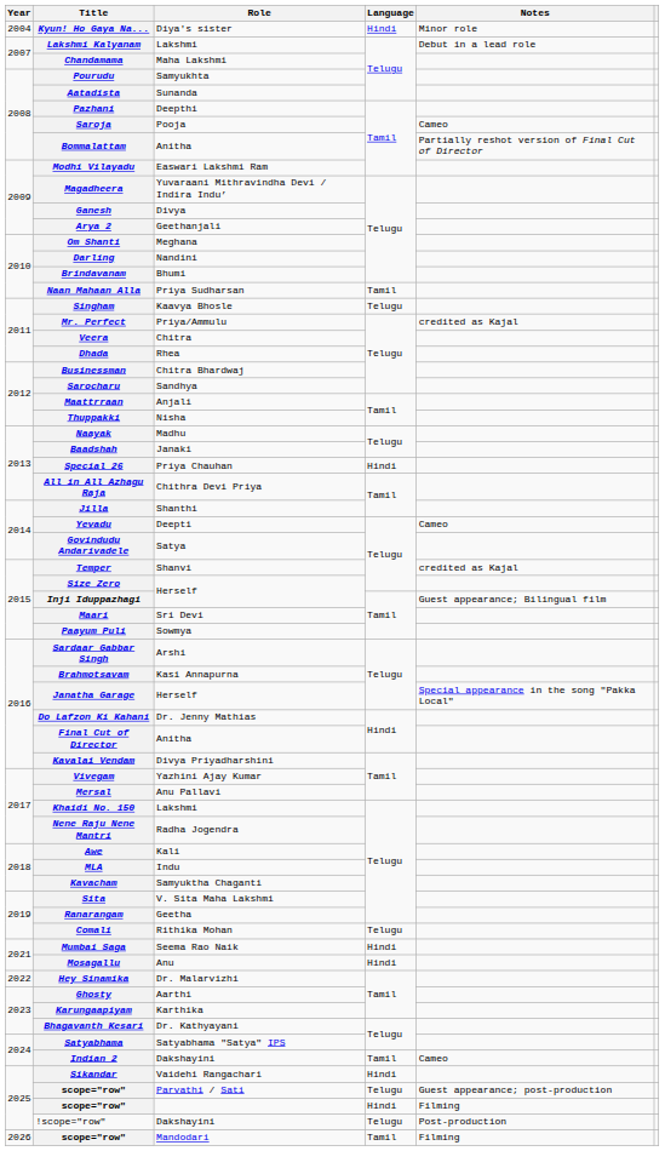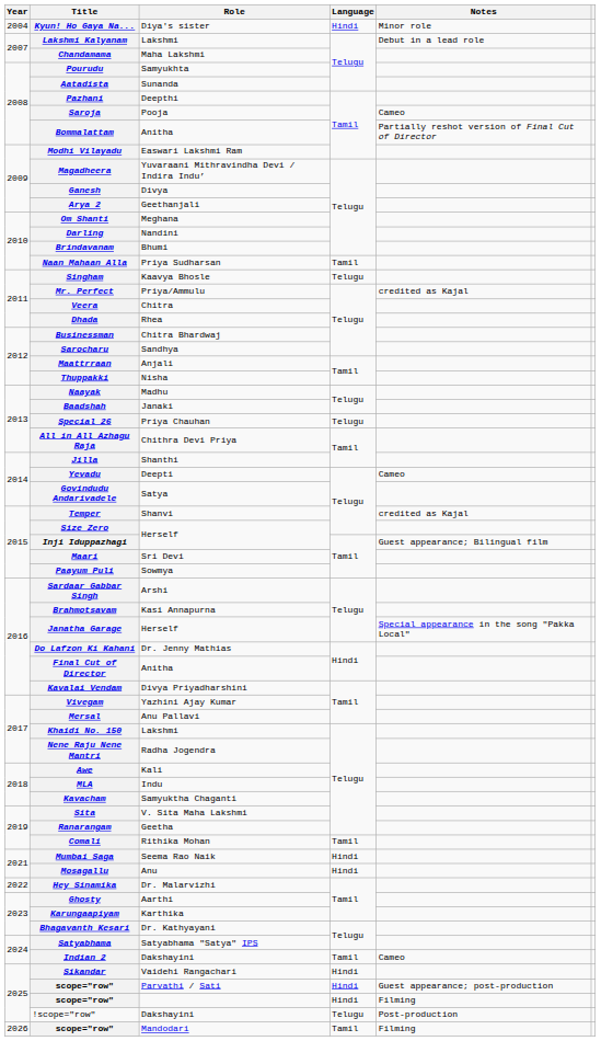 <table class="wikitable plainrowheaders sortable">
 <tr>
 <th>Year</th>
 <th>Title</th>
 <th>Role</th>
 <th>Language</th>
 <th class="unsortable">Notes</th>
 <th class="unsortable"></th>
 </tr>
 <tr>
 <td>2004</td>
 <th scope="row"><em><a href='#'>Kyun! Ho Gaya Na...</a></em></th>
 <td>Diya's sister</td>
 <td><a href='#'>Hindi</a></td>
 <td>Minor role</td>
 <td></td>
 </tr>
 <tr>
 <td rowspan="2">2007</td>
 <th scope="row"><em><a href='#'>Lakshmi Kalyanam</a></em></th>
 <td>Lakshmi</td>
 <td rowspan="4"><a href='#'>Telugu</a></td>
 <td>Debut in a lead role</td>
 <td></td>
 </tr>
 <tr>
 <th scope="row"><em><a href='#'>Chandamama</a></em></th>
 <td>Maha Lakshmi</td>
 <td></td>
 <td></td>
 </tr>
 <tr>
 <td rowspan="5">2008</td>
 <th scope="row"><em><a href='#'>Pourudu</a></em></th>
 <td>Samyukhta</td>
 <td></td>
 <td></td>
 </tr>
 <tr>
 <th scope="row"><em><a href='#'>Aatadista</a></em></th>
 <td>Sunanda</td>
 <td></td>
 <td></td>
 </tr>
 <tr>
 <th scope="row"><em><a href='#'>Pazhani</a></em></th>
 <td>Deepthi</td>
 <td rowspan="4"><a href='#'>Tamil</a></td>
 <td></td>
 <td></td>
 </tr>
 <tr>
 <th scope="row"><em><a href='#'>Saroja</a></em></th>
 <td>Pooja</td>
 <td>Cameo</td>
 <td></td>
 </tr>
 <tr>
 <th scope="row"><em><a href='#'>Bommalattam</a></em></th>
 <td>Anitha</td>
 <td>Partially reshot version of <em>Final Cut of Director</em></td>
 <td></td>
 </tr>
 <tr>
 <td rowspan="4">2009</td>
 <th scope="row"><em><a href='#'>Modhi Vilayadu</a></em></th>
 <td>Easwari Lakshmi Ram</td>
 <td></td>
 <td></td>
 </tr>
 <tr>
 <th scope="row"><em><a href='#'>Magadheera</a></em></th>
 <td>Yuvaraani Mithravindha Devi / Indira Indu’ </td>
 <td rowspan="6">Telugu</td>
 <td></td>
 <td><br></td>
 </tr>
 <tr>
 <th scope="row"><em><a href='#'>Ganesh</a></em></th>
 <td>Divya</td>
 <td></td>
 <td></td>
 </tr>
 <tr>
 <th scope="row"><em><a href='#'>Arya 2</a></em></th>
 <td>Geethanjali</td>
 <td></td>
 <td></td>
 </tr>
 <tr>
 <td rowspan="4">2010</td>
 <th scope="row"><em><a href='#'>Om Shanti</a></em></th>
 <td>Meghana</td>
 <td></td>
 <td></td>
 </tr>
 <tr>
 <th scope="row"><em><a href='#'>Darling</a></em></th>
 <td>Nandini</td>
 <td></td>
 <td></td>
 </tr>
 <tr>
 <th scope="row"><em><a href='#'>Brindavanam</a></em></th>
 <td>Bhumi</td>
 <td></td>
 <td></td>
 </tr>
 <tr>
 <th scope="row"><em><a href='#'>Naan Mahaan Alla</a></em></th>
 <td>Priya Sudharsan</td>
 <td>Tamil</td>
 <td></td>
 <td></td>
 </tr>
 <tr>
 <td rowspan="4">2011</td>
 <th scope="row"><em><a href='#'>Singham</a></em></th>
 <td>Kaavya Bhosle</td>
 <td>Telugu</td>
 <td></td>
 <td></td>
 </tr>
 <tr>
 <th scope="row"><em><a href='#'>Mr. Perfect</a></em></th>
 <td>Priya/Ammulu</td>
 <td rowspan="5">Telugu</td>
 <td>credited as Kajal</td>
 <td></td>
 </tr>
 <tr>
 <th scope="row"><em><a href='#'>Veera</a></em></th>
 <td>Chitra</td>
 <td></td>
 <td></td>
 </tr>
 <tr>
 <th scope="row"><em><a href='#'>Dhada</a></em></th>
 <td>Rhea</td>
 <td></td>
 <td></td>
 </tr>
 <tr>
 <td rowspan="4">2012</td>
 <th scope="row"><em><a href='#'>Businessman</a></em></th>
 <td>Chitra Bhardwaj</td>
 <td></td>
 <td></td>
 </tr>
 <tr>
 <th scope="row"><em><a href='#'>Sarocharu</a></em></th>
 <td>Sandhya</td>
 <td></td>
 <td></td>
 </tr>
 <tr>
 <th scope="row"><em><a href='#'>Maattrraan</a></em></th>
 <td>Anjali</td>
 <td rowspan="2">Tamil</td>
 <td></td>
 <td></td>
 </tr>
 <tr>
 <th scope="row"><em><a href='#'>Thuppakki</a></em></th>
 <td>Nisha</td>
 <td></td>
 <td></td>
 </tr>
 <tr>
 <td rowspan="4">2013</td>
 <th scope="row"><em><a href='#'>Naayak</a></em></th>
 <td>Madhu</td>
 <td rowspan="2">Telugu</td>
 <td></td>
 <td></td>
 </tr>
 <tr>
 <th scope="row"><em><a href='#'>Baadshah</a></em></th>
 <td>Janaki</td>
 <td></td>
 <td></td>
 </tr>
 <tr>
 <th scope="row"><em><a href='#'>Special 26</a></em></th>
 <td>Priya Chauhan</td>
-<td>Hindi</td>
+<td>Telugu</td>
 <td></td>
 <td><br></td>
 </tr>
 <tr>
 <th scope="row"><em><a href='#'>All in All Azhagu Raja</a></em></th>
 <td>Chithra Devi Priya</td>
 <td rowspan="2">Tamil</td>
 <td></td>
 <td></td>
 </tr>
 <tr>
 <td rowspan="3">2014</td>
 <th scope="row"><em><a href='#'>Jilla</a></em></th>
 <td>Shanthi</td>
 <td></td>
 <td></td>
 </tr>
 <tr>
 <th scope="row"><em><a href='#'>Yevadu</a></em></th>
 <td>Deepti</td>
 <td rowspan="4">Telugu</td>
 <td>Cameo</td>
 <td></td>
 </tr>
 <tr>
 <th scope="row"><em><a href='#'>Govindudu Andarivadele</a></em></th>
 <td>Satya</td>
 <td></td>
 <td></td>
 </tr>
 <tr>
 <td rowspan="5">2015</td>
 <th scope="row"><em><a href='#'>Temper</a></em></th>
 <td>Shanvi</td>
 <td>credited as Kajal</td>
 <td></td>
 </tr>
 <tr>
 <th scope="row"><em><a href='#'>Size Zero</a></em></th>
 <td rowspan="2">Herself</td>
 <td></td>
 <td></td>
 </tr>
 <tr>
 <th scope="row"><em>Inji Iduppazhagi</em></th>
 <td rowspan="3">Tamil</td>
 <td>Guest appearance; Bilingual film</td>
 <td><br></td>
 </tr>
 <tr>
 <th scope="row"><em><a href='#'>Maari</a></em></th>
 <td>Sri Devi</td>
 <td></td>
 <td></td>
 </tr>
 <tr>
 <th scope="row"><em><a href='#'>Paayum Puli</a></em></th>
 <td>Sowmya</td>
 <td></td>
 <td></td>
 </tr>
 <tr>
 <td rowspan="6" scope="row">2016</td>
 <th scope="row"><em><a href='#'>Sardaar Gabbar Singh</a></em></th>
 <td>Arshi</td>
 <td rowspan="3">Telugu</td>
 <td></td>
 <td></td>
 </tr>
 <tr>
 <th scope="row"><em><a href='#'>Brahmotsavam</a></em></th>
 <td>Kasi Annapurna</td>
 <td></td>
 <td></td>
 </tr>
 <tr>
 <th scope="row"><em><a href='#'>Janatha Garage</a></em></th>
 <td>Herself</td>
 <td><a href='#'>Special appearance</a> in the song "Pakka Local"</td>
 <td></td>
 </tr>
 <tr>
 <th scope="row"><em><a href='#'>Do Lafzon Ki Kahani</a></em></th>
 <td>Dr. Jenny Mathias</td>
 <td rowspan="2">Hindi</td>
 <td></td>
 <td></td>
 </tr>
 <tr>
 <th scope="row"><em><a href='#'>Final Cut of Director</a></em></th>
 <td>Anitha</td>
 <td></td>
 <td></td>
 </tr>
 <tr>
 <th scope="row"><em><a href='#'>Kavalai Vendam</a></em></th>
 <td>Divya Priyadharshini</td>
 <td rowspan="3">Tamil</td>
 <td></td>
 <td></td>
 </tr>
 <tr>
 <td rowspan="4">2017</td>
 <th scope="row"><em><a href='#'>Vivegam</a></em></th>
 <td>Yazhini Ajay Kumar</td>
 <td></td>
 <td></td>
 </tr>
 <tr>
 <th scope="row"><em><a href='#'>Mersal</a></em></th>
 <td>Anu Pallavi</td>
 <td></td>
 <td></td>
 </tr>
 <tr>
 <th scope="row"><em><a href='#'>Khaidi No. 150</a></em></th>
 <td>Lakshmi</td>
 <td rowspan="7">Telugu</td>
 <td></td>
 <td></td>
 </tr>
 <tr>
 <th scope="row"><em><a href='#'>Nene Raju Nene Mantri</a></em></th>
 <td>Radha Jogendra</td>
 <td></td>
 <td></td>
 </tr>
 <tr>
 <td rowspan="3">2018</td>
 <th scope="row"><em><a href='#'>Awe</a></em></th>
 <td>Kali</td>
 <td></td>
 <td></td>
 </tr>
 <tr>
 <th scope="row"><em><a href='#'>MLA</a></em></th>
 <td>Indu</td>
 <td></td>
 <td></td>
 </tr>
 <tr>
 <th scope="row"><em><a href='#'>Kavacham</a></em></th>
 <td>Samyuktha Chaganti</td>
 <td></td>
 <td></td>
 </tr>
 <tr>
 <td rowspan="3">2019</td>
 <th scope="row"><em><a href='#'>Sita</a></em></th>
 <td>V. Sita Maha Lakshmi</td>
 <td></td>
 <td></td>
 </tr>
 <tr>
 <th scope="row"><em><a href='#'>Ranarangam</a></em></th>
 <td>Geetha</td>
 <td></td>
 <td></td>
 </tr>
 <tr>
 <th scope="row"><em><a href='#'>Comali</a></em></th>
 <td>Rithika Mohan</td>
-<td>Telugu</td>
+<td>Tamil</td>
 <td></td>
 <td></td>
 </tr>
 <tr>
 <td rowspan=2>2021</td>
 <th scope="row"><em><a href='#'>Mumbai Saga</a></em></th>
 <td>Seema Rao Naik</td>
 <td>Hindi</td>
 <td></td>
 <td></td>
 </tr>
 <tr>
 <th scope="row"><em><a href='#'>Mosagallu</a></em></th>
 <td>Anu</td>
 <td>Hindi</td>
 <td></td>
 <td></td>
 </tr>
 <tr>
 <td>2022</td>
 <th scope="row"><em><a href='#'>Hey Sinamika</a></em></th>
 <td>Dr. Malarvizhi</td>
 <td rowspan="3">Tamil</td>
 <td></td>
 <td></td>
 </tr>
 <tr>
 <td rowspan="3">2023</td>
 <th scope="row"><em><a href='#'>Ghosty</a></em></th>
 <td>Aarthi</td>
 <td></td>
 <td></td>
 </tr>
 <tr>
 <th scope="row"><em> <a href='#'>Karungaapiyam</a> </em></th>
 <td>Karthika</td>
 <td></td>
 <td></td>
 </tr>
 <tr>
 <th scope="row"><em><a href='#'>Bhagavanth Kesari</a></em></th>
 <td>Dr. Kathyayani</td>
 <td rowspan="2">Telugu</td>
 <td></td>
 <td></td>
 </tr>
 <tr>
 <td rowspan="2">2024</td>
 <th scope="row"><em><a href='#'>Satyabhama</a></em></th>
 <td>Satyabhama "Satya" <a href='#'>IPS</a></td>
 <td></td>
 <td></td>
 </tr>
 <tr>
 <th scope="row"><em><a href='#'>Indian 2</a></em></th>
 <td>Dakshayini</td>
 <td>Tamil</td>
 <td>Cameo</td>
 <td></td>
 </tr>
 <tr>
 <td rowspan="4">2025</td>
 <th scope="row"><em><a href='#'>Sikandar</a></em></th>
 <td>Vaidehi Rangachari</td>
 <td>Hindi</td>
 <td></td>
 <td></td>
 </tr>
 <tr>
 <th>scope="row" </th>
 <td><a href='#'>Parvathi</a> / <a href='#'>Sati</a></td>
-<td>Telugu</td>
+<td><a href='#'>Hindi</a></td>
 <td>Guest appearance; post-production</td>
 <td></td>
 </tr>
 <tr>
 <th>scope="row" </th>
 <td></td>
 <td>Hindi</td>
 <td>Filming</td>
 <td></td>
 </tr>
 <tr>
 <td>!scope="row" </td>
 <td>Dakshayini</td>
 <td>Telugu</td>
 <td>Post-production</td>
 <td></td>
 </tr>
 <tr>
 <td>2026</td>
 <th>scope="row" </th>
 <td><a href='#'>Mandodari</a></td>
 <td>Tamil</td>
 <td>Filming</td>
 <td></td>
 </tr>
 </table>
